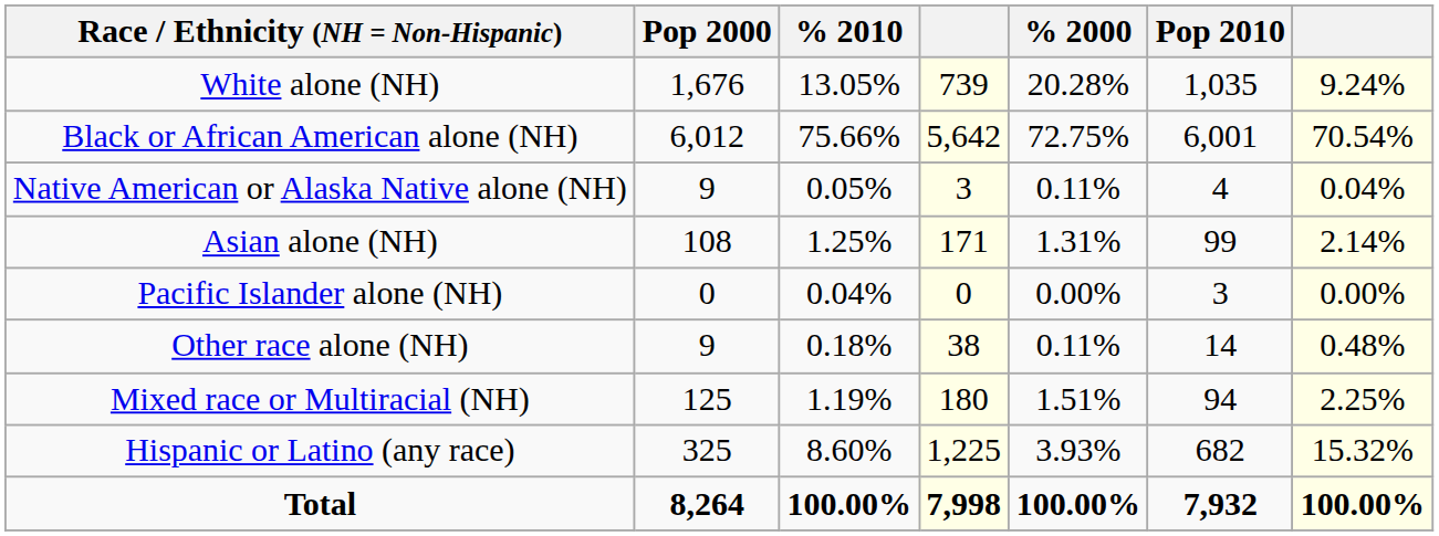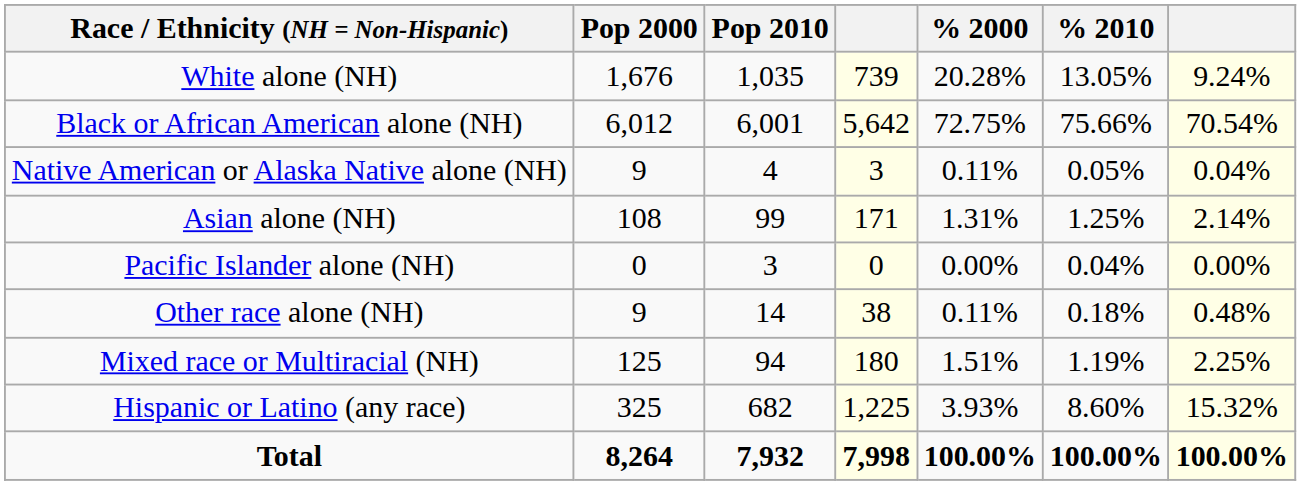 <table class="wikitable"style="text-align:center;">
 <tr>
 <th>Race / Ethnicity <small>(<em>NH = Non-Hispanic</em>)</small></th>
 <th>Pop 2000</th>
-<th>% 2010</th>
+<th>Pop 2010</th>
 <th></th>
 <th>% 2000</th>
-<th>Pop 2010</th>
+<th>% 2010</th>
 <th></th>
 </tr>
 <tr>
 <td><a href='#'>White</a> alone (NH)</td>
 <td>1,676</td>
-<td>13.05%</td>
+<td>1,035</td>
 <td style='background: #ffffe6;'>739</td>
 <td>20.28%</td>
-<td>1,035</td>
+<td>13.05%</td>
 <td style='background: #ffffe6;'>9.24%</td>
 </tr>
 <tr>
 <td><a href='#'>Black or African American</a> alone (NH)</td>
 <td>6,012</td>
-<td>75.66%</td>
+<td>6,001</td>
 <td style='background: #ffffe6;'>5,642</td>
 <td>72.75%</td>
-<td>6,001</td>
+<td>75.66%</td>
 <td style='background: #ffffe6;'>70.54%</td>
 </tr>
 <tr>
 <td><a href='#'>Native American</a> or <a href='#'>Alaska Native</a> alone (NH)</td>
 <td>9</td>
-<td>0.05%</td>
+<td>4</td>
 <td style='background: #ffffe6;'>3</td>
 <td>0.11%</td>
-<td>4</td>
+<td>0.05%</td>
 <td style='background: #ffffe6;'>0.04%</td>
 </tr>
 <tr>
 <td><a href='#'>Asian</a> alone (NH)</td>
 <td>108</td>
-<td>1.25%</td>
+<td>99</td>
 <td style='background: #ffffe6;'>171</td>
 <td>1.31%</td>
-<td>99</td>
+<td>1.25%</td>
 <td style='background: #ffffe6;'>2.14%</td>
 </tr>
 <tr>
 <td><a href='#'>Pacific Islander</a> alone (NH)</td>
 <td>0</td>
-<td>0.04%</td>
+<td>3</td>
 <td style='background: #ffffe6;'>0</td>
 <td>0.00%</td>
-<td>3</td>
+<td>0.04%</td>
 <td style='background: #ffffe6;'>0.00%</td>
 </tr>
 <tr>
 <td><a href='#'>Other race</a> alone (NH)</td>
 <td>9</td>
-<td>0.18%</td>
+<td>14</td>
 <td style='background: #ffffe6;'>38</td>
 <td>0.11%</td>
-<td>14</td>
+<td>0.18%</td>
 <td style='background: #ffffe6;'>0.48%</td>
 </tr>
 <tr>
 <td><a href='#'>Mixed race or Multiracial</a> (NH)</td>
 <td>125</td>
-<td>1.19%</td>
+<td>94</td>
 <td style='background: #ffffe6;'>180</td>
 <td>1.51%</td>
-<td>94</td>
+<td>1.19%</td>
 <td style='background: #ffffe6;'>2.25%</td>
 </tr>
 <tr>
 <td><a href='#'>Hispanic or Latino</a> (any race)</td>
 <td>325</td>
-<td>8.60%</td>
+<td>682</td>
 <td style='background: #ffffe6;'>1,225</td>
 <td>3.93%</td>
-<td>682</td>
+<td>8.60%</td>
 <td style='background: #ffffe6;'>15.32%</td>
 </tr>
 <tr>
 <td><strong>Total</strong></td>
 <td><strong>8,264</strong></td>
-<td><strong>100.00%</strong></td>
+<td><strong>7,932</strong></td>
 <td style='background: #ffffe6;'><strong>7,998</strong></td>
 <td><strong>100.00%</strong></td>
-<td><strong>7,932</strong></td>
+<td><strong>100.00%</strong></td>
 <td style='background: #ffffe6;'><strong>100.00%</strong></td>
 </tr>
 </table>
